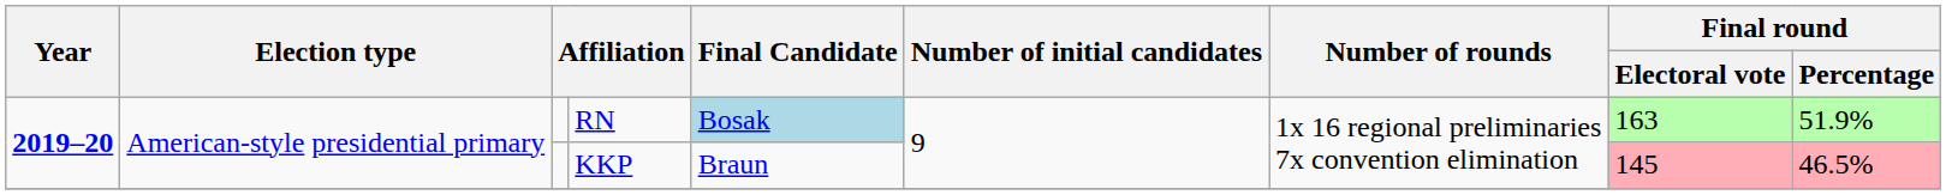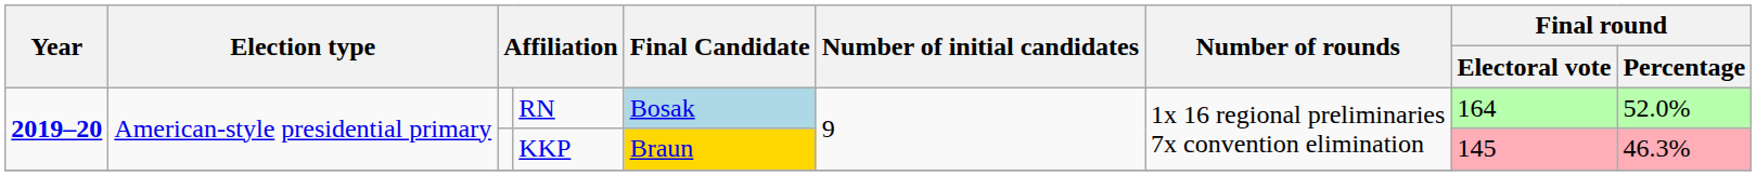 <table class=wikitable>
 <tr>
 <th rowspan=2>Year</th>
 <th rowspan=2>Election type</th>
 <th rowspan="2" colspan="2">Affiliation</th>
 <th rowspan=2>Final Candidate</th>
 <th rowspan=2>Number of initial candidates</th>
 <th rowspan=2>Number of rounds</th>
 <th colspan=2>Final round</th>
 </tr>
 <tr>
 <th>Electoral vote</th>
 <th>Percentage</th>
 </tr>
 <tr>
 <td rowspan=2><strong><a href='#'>2019–20</a></strong></td>
 <td rowspan=2><a href='#'>American-style</a> <a href='#'>presidential primary</a></td>
 <td style="width:2px;background:"></td>
 <td><a href='#'>RN</a></td>
 <td style="background: lightblue;"><a href='#'>Bosak</a></td>
 <td rowspan=2>9</td>
 <td rowspan=2>1x 16 regional preliminaries <br> 7x convention elimination</td>
-<td style="background:#B7FFAD">163</td>
-<td style="background:#B7FFAD">51.9%</td>
+<td style="background:#B7FFAD">164</td>
+<td style="background:#B7FFAD">52.0%</td>
 </tr>
 <tr>
 <td style="width:2px;background:"></td>
 <td><a href='#'>KKP</a></td>
-<td><a href='#'>Braun</a></td>
+<td style="background: gold;"><a href='#'>Braun</a></td>
 <td style="background:#FFADB7">145</td>
-<td style="background:#FFADB7">46.5%</td>
+<td style="background:#FFADB7">46.3%</td>
 </tr>
 <tr>
 </tr>
 </table>
